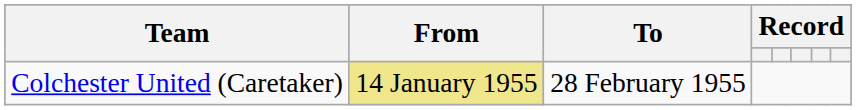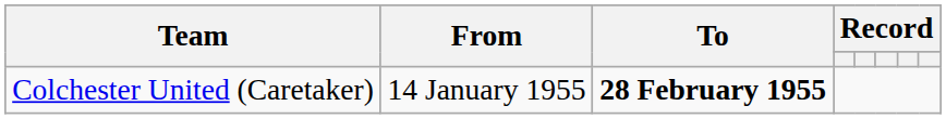 <table class="wikitable" style="text-align: center">
 <tr>
 <th rowspan="2">Team</th>
 <th rowspan="2">From</th>
 <th rowspan="2">To</th>
 <th colspan="5">Record</th>
 </tr>
 <tr>
 <th></th>
 <th></th>
 <th></th>
 <th></th>
 <th></th>
 </tr>
 <tr>
 <td align=left><a href='#'>Colchester United</a> (Caretaker)</td>
-<td align=left style="background: khaki;">14 January 1955</td>
-<td align=left>28 February 1955<br></td>
+<td align=left>14 January 1955</td>
+<td align=left><strong>28 February 1955<br></strong></td>
 </tr>
 </table>
